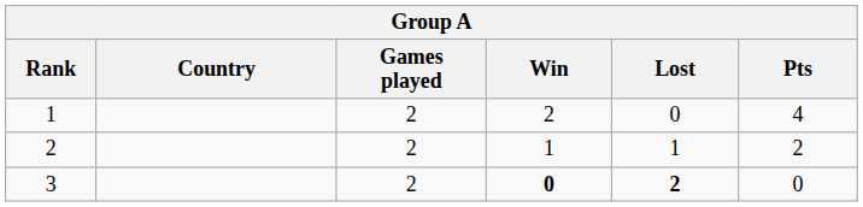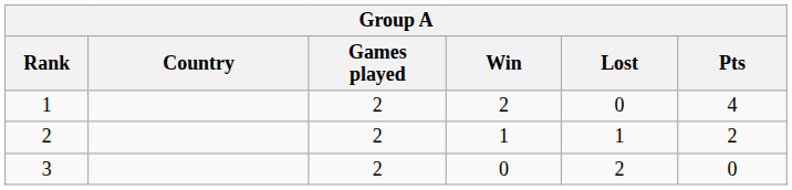 <table class="wikitable" style="text-align: center; Width:50%">
 <tr>
 <th colspan="6">Group A</th>
 </tr>
 <tr>
 <th width="2%">Rank</th>
 <th width="10%">Country</th>
 <th width="5%">Games <br> played</th>
 <th width="5%">Win</th>
 <th width="5%">Lost</th>
 <th width="5%">Pts</th>
 </tr>
 <tr>
 <td>1</td>
 <td style="text-align: left"></td>
 <td>2</td>
 <td>2</td>
 <td>0</td>
 <td>4</td>
 </tr>
 <tr>
 <td>2</td>
 <td style="text-align: left"></td>
 <td>2</td>
 <td>1</td>
 <td>1</td>
 <td>2</td>
 </tr>
 <tr>
 <td>3</td>
 <td style="text-align: left"></td>
 <td>2</td>
-<td><strong>0</strong></td>
-<td><strong>2</strong></td>
+<td>0</td>
+<td>2</td>
 <td>0</td>
 </tr>
 </table>
